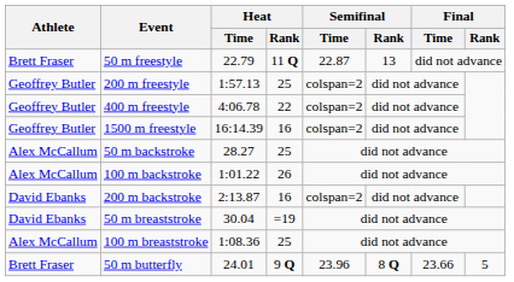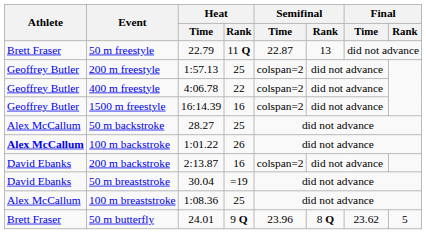 <table class=wikitable style=font-size:90%>
 <tr>
 <th rowspan=2>Athlete</th>
 <th rowspan=2>Event</th>
 <th colspan=2>Heat</th>
 <th colspan=2>Semifinal</th>
 <th colspan=2>Final</th>
 </tr>
 <tr style=font-size:95%>
 <th>Time</th>
 <th>Rank</th>
 <th>Time</th>
 <th>Rank</th>
 <th>Time</th>
 <th>Rank</th>
 </tr>
 <tr align=center>
 <td align=left><a href='#'>Brett Fraser</a></td>
 <td align=left><a href='#'>50 m freestyle</a></td>
 <td>22.79</td>
 <td>11 <strong>Q</strong></td>
 <td>22.87</td>
 <td>13</td>
 <td colspan=2>did not advance</td>
 </tr>
 <tr align=center>
 <td align=left><a href='#'>Geoffrey Butler</a></td>
 <td align=left><a href='#'>200 m freestyle</a></td>
 <td>1:57.13</td>
 <td>25</td>
 <td>colspan=2 </td>
 <td colspan=2>did not advance</td>
 </tr>
 <tr align=center>
 <td align=left><a href='#'>Geoffrey Butler</a></td>
 <td align=left><a href='#'>400 m freestyle</a></td>
 <td>4:06.78</td>
 <td>22</td>
 <td>colspan=2 </td>
 <td colspan=2>did not advance</td>
 </tr>
 <tr align=center>
 <td align=left><a href='#'>Geoffrey Butler</a></td>
 <td align=left><a href='#'>1500 m freestyle</a></td>
 <td>16:14.39</td>
 <td>16</td>
 <td>colspan=2 </td>
 <td colspan=2>did not advance</td>
 </tr>
 <tr align=center>
 <td align=left><a href='#'>Alex McCallum</a></td>
 <td align=left><a href='#'>50 m backstroke</a></td>
 <td>28.27</td>
 <td>25</td>
 <td colspan=4>did not advance</td>
 </tr>
 <tr align=center>
-<td align=left><a href='#'>Alex McCallum</a></td>
+<td align=left><strong><a href='#'>Alex McCallum</a></strong></td>
 <td align=left><a href='#'>100 m backstroke</a></td>
 <td>1:01.22</td>
 <td>26</td>
 <td colspan=4>did not advance</td>
 </tr>
 <tr align=center>
 <td align=left><a href='#'>David Ebanks</a></td>
 <td align=left><a href='#'>200 m backstroke</a></td>
 <td>2:13.87</td>
 <td>16</td>
 <td>colspan=2 </td>
 <td colspan=2>did not advance</td>
 </tr>
 <tr align=center>
 <td align=left><a href='#'>David Ebanks</a></td>
 <td align=left><a href='#'>50 m breaststroke</a></td>
 <td>30.04</td>
 <td>=19</td>
 <td colspan=4>did not advance</td>
 </tr>
 <tr align=center>
 <td align=left><a href='#'>Alex McCallum</a></td>
 <td align=left><a href='#'>100 m breaststroke</a></td>
 <td>1:08.36</td>
 <td>25</td>
 <td colspan=4>did not advance</td>
 </tr>
 <tr align=center>
 <td align=left><a href='#'>Brett Fraser</a></td>
 <td align=left><a href='#'>50 m butterfly</a></td>
 <td>24.01</td>
 <td>9 <strong>Q</strong></td>
 <td>23.96</td>
 <td>8 <strong>Q</strong></td>
-<td>23.66</td>
+<td>23.62</td>
 <td>5</td>
 </tr>
 </table>
